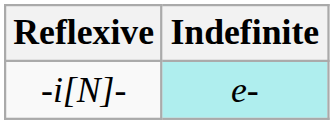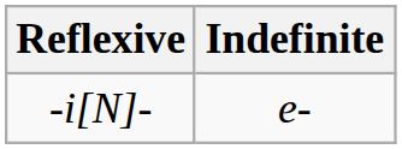 <table class="wikitable" style="text-align: center">
 <tr>
 <th>Reflexive</th>
 <th>Indefinite</th>
 </tr>
 <tr>
 <td> <em>-i[N]-</em></td>
-<td style="background: paleturquoise;"> <em>e-</em></td>
+<td> <em>e-</em></td>
 </tr>
 </table>
